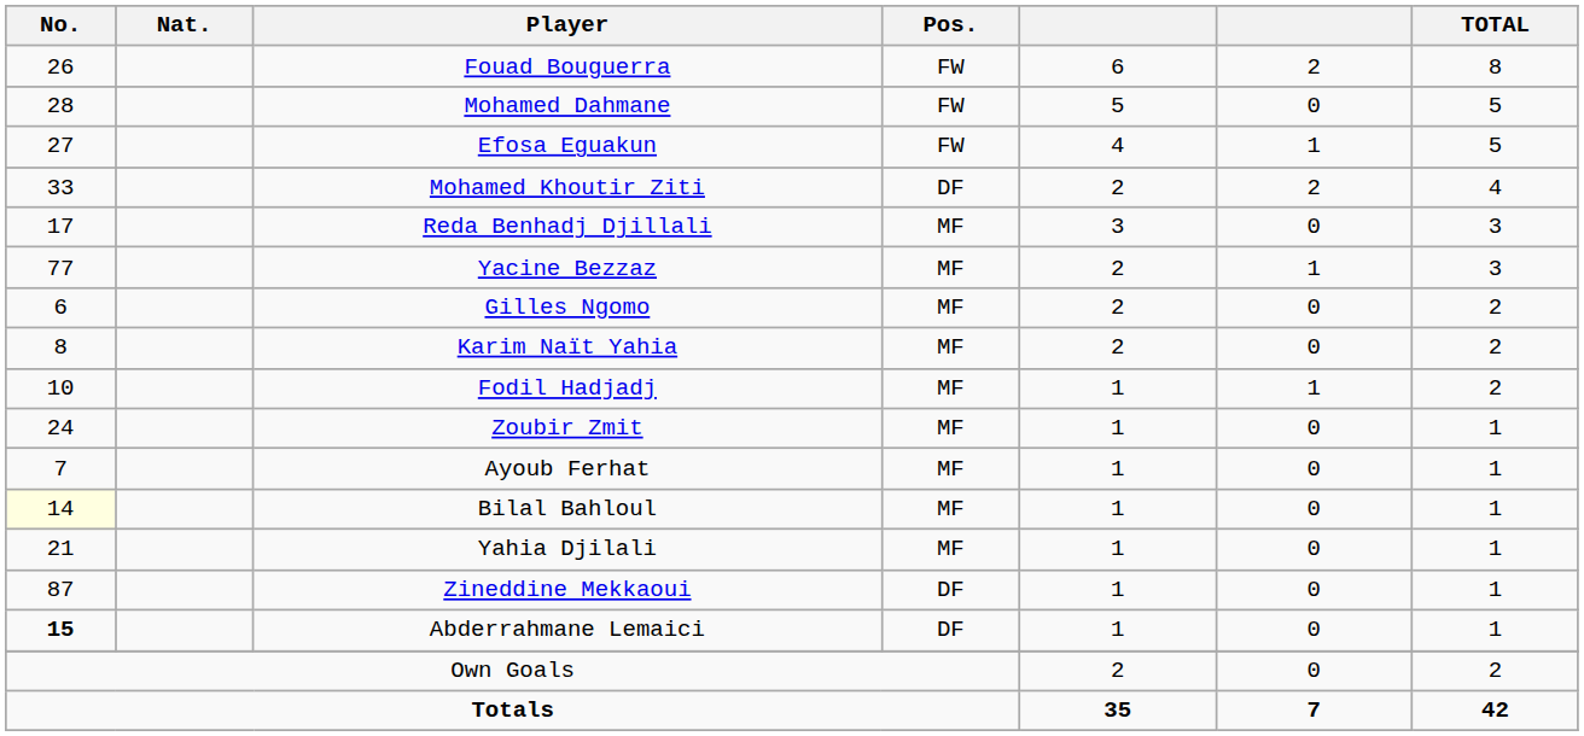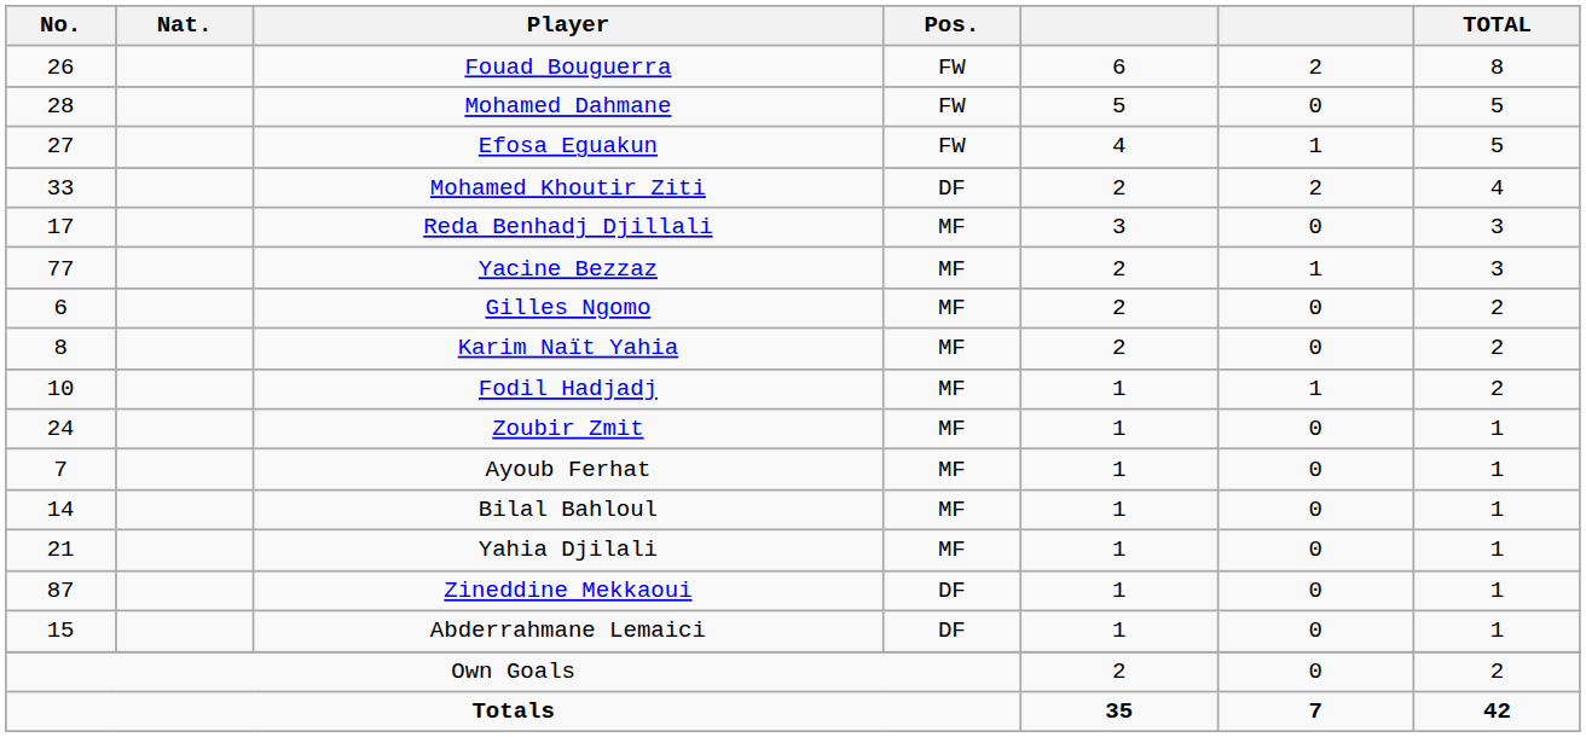 <table class="wikitable sortable alternance"  style="font-size:85%; text-align:center; line-height:14px; width:60%;">
 <tr>
 <th width=10>No.</th>
 <th width=10>Nat.</th>
 <th width=140>Player</th>
 <th width=10>Pos.</th>
 <th width=40></th>
 <th width=40></th>
 <th width=10>TOTAL</th>
 </tr>
 <tr>
 <td>26</td>
 <td></td>
 <td><a href='#'>Fouad Bouguerra</a></td>
 <td>FW</td>
 <td>6</td>
 <td>2</td>
 <td>8</td>
 </tr>
 <tr>
 <td>28</td>
 <td></td>
 <td><a href='#'>Mohamed Dahmane</a></td>
 <td>FW</td>
 <td>5</td>
 <td>0</td>
 <td>5</td>
 </tr>
 <tr>
 <td>27</td>
 <td></td>
 <td><a href='#'>Efosa Eguakun</a></td>
 <td>FW</td>
 <td>4</td>
 <td>1</td>
 <td>5</td>
 </tr>
 <tr>
 <td>33</td>
 <td></td>
 <td><a href='#'>Mohamed Khoutir Ziti</a></td>
 <td>DF</td>
 <td>2</td>
 <td>2</td>
 <td>4</td>
 </tr>
 <tr>
 <td>17</td>
 <td></td>
 <td><a href='#'>Reda Benhadj Djillali</a></td>
 <td>MF</td>
 <td>3</td>
 <td>0</td>
 <td>3</td>
 </tr>
 <tr>
 <td>77</td>
 <td></td>
 <td><a href='#'>Yacine Bezzaz</a></td>
 <td>MF</td>
 <td>2</td>
 <td>1</td>
 <td>3</td>
 </tr>
 <tr>
 <td>6</td>
 <td></td>
 <td><a href='#'>Gilles Ngomo</a></td>
 <td>MF</td>
 <td>2</td>
 <td>0</td>
 <td>2</td>
 </tr>
 <tr>
 <td>8</td>
 <td></td>
 <td><a href='#'>Karim Naït Yahia</a></td>
 <td>MF</td>
 <td>2</td>
 <td>0</td>
 <td>2</td>
 </tr>
 <tr>
 <td>10</td>
 <td></td>
 <td><a href='#'>Fodil Hadjadj</a></td>
 <td>MF</td>
 <td>1</td>
 <td>1</td>
 <td>2</td>
 </tr>
 <tr>
 <td>24</td>
 <td></td>
 <td><a href='#'>Zoubir Zmit</a></td>
 <td>MF</td>
 <td>1</td>
 <td>0</td>
 <td>1</td>
 </tr>
 <tr>
 <td>7</td>
 <td></td>
 <td>Ayoub Ferhat</td>
 <td>MF</td>
 <td>1</td>
 <td>0</td>
 <td>1</td>
 </tr>
 <tr>
-<td style="background: lightyellow;">14</td>
+<td>14</td>
 <td></td>
 <td>Bilal Bahloul</td>
 <td>MF</td>
 <td>1</td>
 <td>0</td>
 <td>1</td>
 </tr>
 <tr>
 <td>21</td>
 <td></td>
 <td>Yahia Djilali</td>
 <td>MF</td>
 <td>1</td>
 <td>0</td>
 <td>1</td>
 </tr>
 <tr>
 <td>87</td>
 <td></td>
 <td><a href='#'>Zineddine Mekkaoui</a></td>
 <td>DF</td>
 <td>1</td>
 <td>0</td>
 <td>1</td>
 </tr>
 <tr>
-<td><strong>15</strong></td>
+<td>15</td>
 <td></td>
 <td>Abderrahmane Lemaici</td>
 <td>DF</td>
 <td>1</td>
 <td>0</td>
 <td>1</td>
 </tr>
 <tr>
 </tr>
 <tr class="sortbottom">
 <td colspan="4">Own Goals</td>
 <td>2</td>
 <td>0</td>
 <td>2</td>
 </tr>
 <tr class="sortbottom">
 <td colspan="4"><strong>Totals</strong></td>
 <td><strong>35</strong></td>
 <td><strong>7</strong></td>
 <td><strong>42</strong></td>
 </tr>
 </table>
